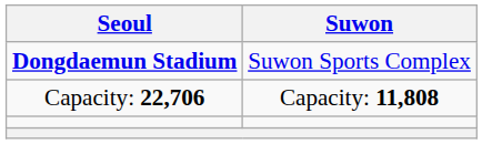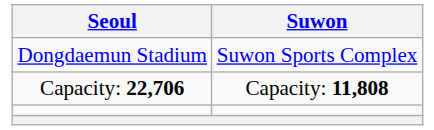 <table class="wikitable" style="text-align:center;margin:1em auto;">
 <tr>
 <th><a href='#'>Seoul</a></th>
 <th><a href='#'>Suwon</a></th>
 </tr>
 <tr>
-<td><strong><a href='#'>Dongdaemun Stadium</a></strong></td>
+<td><a href='#'>Dongdaemun Stadium</a></td>
 <td><a href='#'>Suwon Sports Complex</a></td>
 </tr>
 <tr>
 <td>Capacity: <strong>22,706</strong></td>
 <td>Capacity: <strong>11,808</strong></td>
 </tr>
 <tr>
 <td></td>
 <td></td>
 </tr>
 <tr>
 <th colspan=2></th>
 </tr>
 </table>
